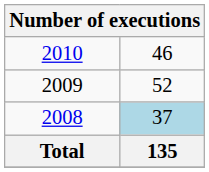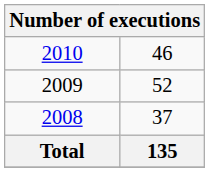 <table class="wikitable" style="text-align:center;">
 <tr>
 <th colspan="2">Number of executions</th>
 </tr>
 <tr>
 <td><a href='#'>2010</a></td>
 <td>46</td>
 </tr>
 <tr>
 <td>2009</td>
 <td>52</td>
 </tr>
 <tr>
 <td><a href='#'>2008</a></td>
-<td style="background: lightblue;">37</td>
+<td>37</td>
 </tr>
 <tr>
 <th>Total</th>
 <th>135</th>
 </tr>
 <tr>
 </tr>
 </table>
